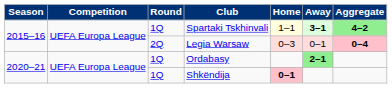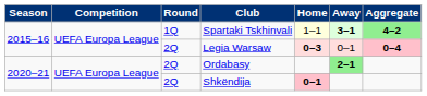 <table class="wikitable">
 <tr>
 <th style="background:#003174;color:#ffffff;">Season</th>
 <th style="background:#003174;color:#ffffff;">Competition</th>
 <th style="background:#003174;color:#ffffff;">Round</th>
 <th style="background:#003174;color:#ffffff;">Club</th>
 <th style="background:#003174;color:#ffffff;">Home</th>
 <th style="background:#003174;color:#ffffff;">Away</th>
 <th style="background:#003174;color:#ffffff;">Aggregate</th>
 </tr>
 <tr>
 <td rowspan=2><a href='#'>2015–16</a></td>
 <td rowspan=2><a href='#'>UEFA Europa League</a></td>
 <td><a href='#'>1Q</a></td>
 <td> <a href='#'>Spartaki Tskhinvali</a></td>
 <td bgcolor="#ffffdd" style="text-align:center;">1–1</td>
 <td bgcolor="#ddffdd" style="text-align:center;"><strong>3–1</strong></td>
 <td bgcolor=lightgreen style="text-align:center;"><strong>4–2</strong></td>
 </tr>
 <tr>
 <td><a href='#'>2Q</a></td>
 <td> <a href='#'>Legia Warsaw</a></td>
-<td bgcolor="#ffdddd" style="text-align:center;">0–3</td>
+<td bgcolor="#ffdddd" style="text-align:center;"><strong>0–3</strong></td>
 <td bgcolor="#ffdddd" style="text-align:center;">0–1</td>
 <td bgcolor=pink style="text-align:center;"><strong>0–4</strong></td>
 </tr>
 <tr>
 <td rowspan=2><a href='#'>2020–21</a></td>
 <td rowspan=2><a href='#'>UEFA Europa League</a></td>
-<td><a href='#'>1Q</a></td>
+<td><a href='#'>2Q</a></td>
 <td> <a href='#'>Ordabasy</a></td>
 <td></td>
 <td bgcolor=lightgreen style="text-align:center;"><strong>2–1</strong></td>
 <td></td>
 </tr>
 <tr>
-<td><a href='#'>1Q</a></td>
+<td><a href='#'>2Q</a></td>
 <td> <a href='#'>Shkëndija</a></td>
 <td bgcolor=pink style="text-align:center;"><strong>0–1</strong></td>
 <td></td>
 <td></td>
 </tr>
 </table>
